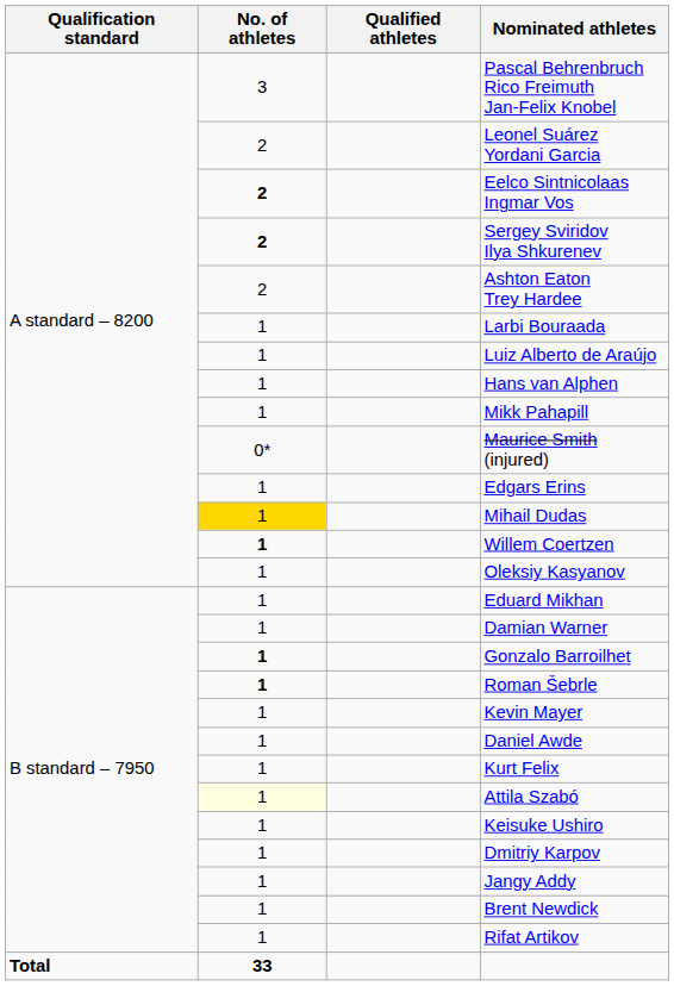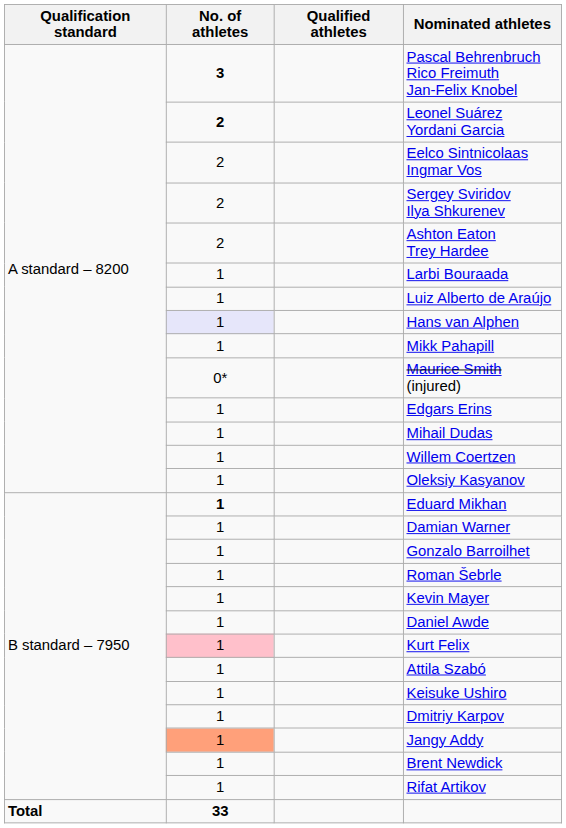 <table class="wikitable"  style="text-align:left; width:600px;">
 <tr>
 <th>Qualification standard</th>
 <th>No. of athletes</th>
 <th>Qualified athletes</th>
 <th>Nominated athletes</th>
 </tr>
 <tr>
 <td rowspan="14">A standard – 8200</td>
-<td align=center>3</td>
+<td align=center><strong>3</strong></td>
 <td></td>
 <td><a href='#'>Pascal Behrenbruch</a><br><a href='#'>Rico Freimuth</a><br><a href='#'>Jan-Felix Knobel</a></td>
 </tr>
 <tr>
-<td align=center>2</td>
+<td align=center><strong>2</strong></td>
 <td></td>
 <td><a href='#'>Leonel Suárez</a><br><a href='#'>Yordani Garcia</a></td>
 </tr>
 <tr>
-<td align=center><strong>2</strong></td>
+<td align=center>2</td>
 <td></td>
 <td><a href='#'>Eelco Sintnicolaas</a><br><a href='#'>Ingmar Vos</a></td>
 </tr>
 <tr>
-<td align=center><strong>2</strong></td>
+<td align=center>2</td>
 <td></td>
 <td><a href='#'>Sergey Sviridov</a><br><a href='#'>Ilya Shkurenev</a></td>
 </tr>
 <tr>
 <td align=center>2</td>
 <td></td>
 <td><a href='#'>Ashton Eaton</a><br><a href='#'>Trey Hardee</a></td>
 </tr>
 <tr>
 <td align=center>1</td>
 <td></td>
 <td><a href='#'>Larbi Bouraada</a></td>
 </tr>
 <tr>
 <td align=center>1</td>
 <td></td>
 <td><a href='#'>Luiz Alberto de Araújo</a></td>
 </tr>
 <tr>
-<td align=center>1</td>
+<td align=center style="background: lavender;">1</td>
 <td></td>
 <td><a href='#'>Hans van Alphen</a></td>
 </tr>
 <tr>
 <td align=center>1</td>
 <td></td>
 <td><a href='#'>Mikk Pahapill</a></td>
 </tr>
 <tr>
 <td align=center>0*</td>
 <td></td>
 <td><s><a href='#'>Maurice Smith</a></s> (injured)</td>
 </tr>
 <tr>
 <td align=center>1</td>
 <td></td>
 <td><a href='#'>Edgars Erins</a></td>
 </tr>
 <tr>
-<td align=center style="background: gold;">1</td>
+<td align=center>1</td>
 <td></td>
 <td><a href='#'>Mihail Dudas</a></td>
 </tr>
 <tr>
-<td align=center><strong>1</strong></td>
+<td align=center>1</td>
 <td></td>
 <td><a href='#'>Willem Coertzen</a></td>
 </tr>
 <tr>
 <td align=center>1</td>
 <td></td>
 <td><a href='#'>Oleksiy Kasyanov</a></td>
 </tr>
 <tr>
 <td rowspan="13">B standard – 7950</td>
-<td align=center>1</td>
+<td align=center><strong>1</strong></td>
 <td></td>
 <td><a href='#'>Eduard Mikhan</a></td>
 </tr>
 <tr>
 <td align=center>1</td>
 <td></td>
 <td><a href='#'>Damian Warner</a></td>
 </tr>
 <tr>
-<td align=center><strong>1</strong></td>
+<td align=center>1</td>
 <td></td>
 <td><a href='#'>Gonzalo Barroilhet</a></td>
 </tr>
 <tr>
-<td align=center><strong>1</strong></td>
+<td align=center>1</td>
 <td></td>
 <td><a href='#'>Roman Šebrle</a></td>
 </tr>
 <tr>
 <td align=center>1</td>
 <td></td>
 <td><a href='#'>Kevin Mayer</a></td>
 </tr>
 <tr>
 <td align=center>1</td>
 <td></td>
 <td><a href='#'>Daniel Awde</a></td>
 </tr>
 <tr>
-<td align=center>1</td>
+<td align=center style="background: pink;">1</td>
 <td></td>
 <td><a href='#'>Kurt Felix</a></td>
 </tr>
 <tr>
-<td align=center style="background: lightyellow;">1</td>
+<td align=center>1</td>
 <td></td>
 <td><a href='#'>Attila Szabó</a></td>
 </tr>
 <tr>
 <td align=center>1</td>
 <td></td>
 <td><a href='#'>Keisuke Ushiro</a></td>
 </tr>
 <tr>
 <td align=center>1</td>
 <td></td>
 <td><a href='#'>Dmitriy Karpov</a></td>
 </tr>
 <tr>
-<td align=center>1</td>
+<td align=center style="background: lightsalmon;">1</td>
 <td></td>
 <td><a href='#'>Jangy Addy</a></td>
 </tr>
 <tr>
 <td align=center>1</td>
 <td></td>
 <td><a href='#'>Brent Newdick</a></td>
 </tr>
 <tr>
 <td align=center>1</td>
 <td></td>
 <td><a href='#'>Rifat Artikov</a></td>
 </tr>
 <tr>
 <td><strong>Total</strong></td>
 <td align=center><strong>33</strong></td>
 <td></td>
 <td></td>
 </tr>
 </table>
